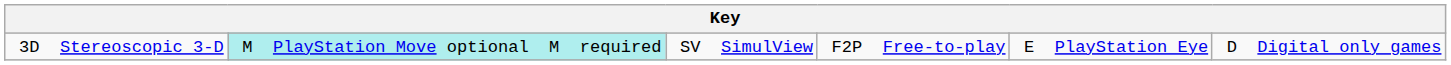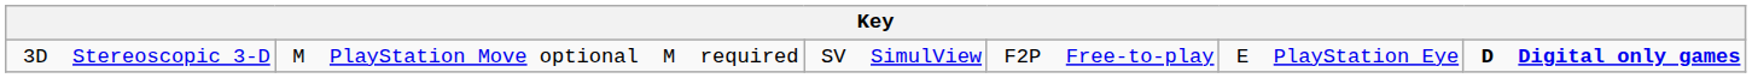 <table class="wikitable" style="margin-right: 1em; font-size:88%;">
 <tr>
 <th colspan="6">Key</th>
 </tr>
 <tr>
 <td><span> 3D </span> <a href='#'>Stereoscopic 3-D</a></td>
-<td style="background: paleturquoise;"><span> M </span> <a href='#'>PlayStation Move</a> optional <span> M </span> required</td>
+<td><span> M </span> <a href='#'>PlayStation Move</a> optional <span> M </span> required</td>
 <td><span> SV </span> <a href='#'>SimulView</a></td>
 <td><span> F2P </span> <a href='#'>Free-to-play</a></td>
 <td><span> E </span> <a href='#'>PlayStation Eye</a></td>
-<td><span> D </span> <a href='#'>Digital only games</a></td>
+<td><strong><span> D </span> <a href='#'>Digital only games</a></strong></td>
 </tr>
 </table>
